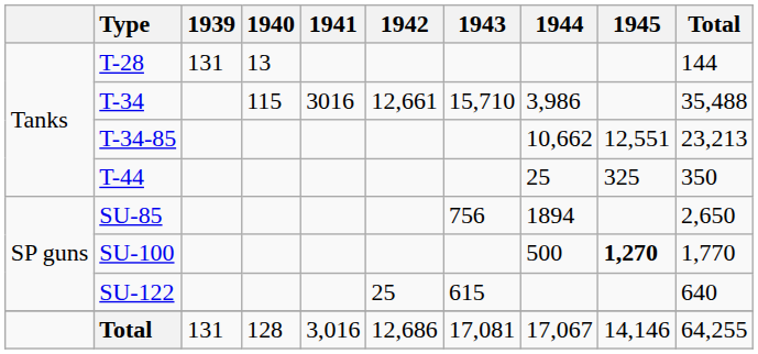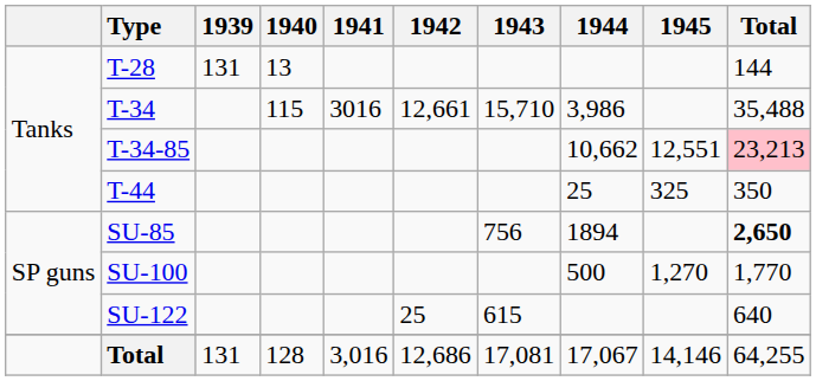 <table class="wikitable">
 <tr>
 <th></th>
 <th style="text-align:left;">Type</th>
 <th>1939</th>
 <th>1940</th>
 <th>1941</th>
 <th>1942</th>
 <th>1943</th>
 <th>1944</th>
 <th>1945</th>
 <th>Total</th>
 </tr>
 <tr>
 <td rowspan=4 align=left>Tanks</td>
 <td style="text-align:left;"><a href='#'>T-28</a></td>
 <td>131</td>
 <td>13</td>
 <td></td>
 <td></td>
 <td></td>
 <td></td>
 <td></td>
 <td>144</td>
 </tr>
 <tr>
 <td style="text-align:left;"><a href='#'>T-34</a></td>
 <td></td>
 <td>115</td>
 <td>3016</td>
 <td>12,661</td>
 <td>15,710</td>
 <td>3,986</td>
 <td></td>
 <td>35,488</td>
 </tr>
 <tr>
 <td style="text-align:left;"><a href='#'>T-34-85</a></td>
 <td></td>
 <td></td>
 <td></td>
 <td></td>
 <td></td>
 <td>10,662</td>
 <td>12,551</td>
-<td>23,213</td>
+<td style="background: pink;">23,213</td>
 </tr>
 <tr>
 <td style="text-align:left;"><a href='#'>T-44</a></td>
 <td></td>
 <td></td>
 <td></td>
 <td></td>
 <td></td>
 <td>25</td>
 <td>325</td>
 <td>350</td>
 </tr>
 <tr style="border-top:1px solid #999;">
 <td rowspan=3 align=left>SP guns</td>
 <td style="text-align:left;"><a href='#'>SU-85</a></td>
 <td></td>
 <td></td>
 <td></td>
 <td></td>
 <td>756</td>
 <td>1894</td>
 <td></td>
-<td>2,650</td>
+<td><strong>2,650</strong></td>
 </tr>
 <tr>
 <td style="text-align:left;"><a href='#'>SU-100</a></td>
 <td></td>
 <td></td>
 <td></td>
 <td></td>
 <td></td>
 <td>500</td>
-<td><strong>1,270</strong></td>
+<td>1,270</td>
 <td>1,770</td>
 </tr>
 <tr>
 <td style="text-align:left;"><a href='#'>SU-122</a></td>
 <td></td>
 <td></td>
 <td></td>
 <td>25</td>
 <td>615</td>
 <td></td>
 <td></td>
 <td>640</td>
 </tr>
 <tr>
 </tr>
 <tr style="border-top:1px solid #999;">
 <td></td>
 <th style="text-align:left;">Total</th>
 <td>131</td>
 <td>128</td>
 <td>3,016</td>
 <td>12,686</td>
 <td>17,081</td>
 <td>17,067</td>
 <td>14,146</td>
 <td>64,255</td>
 </tr>
 </table>
